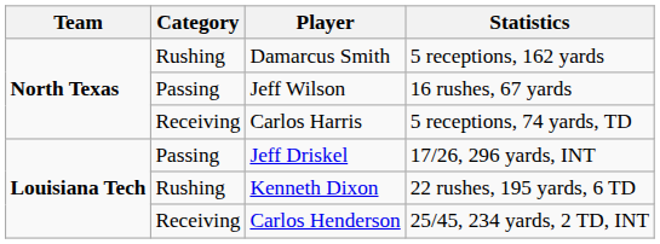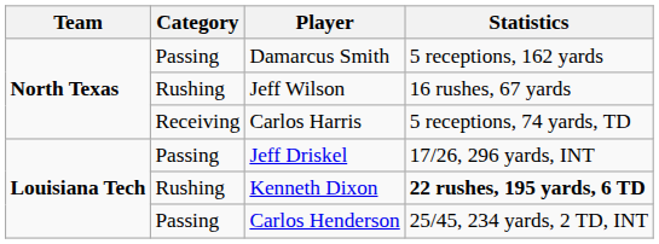 <table class="wikitable" style="float: left;">
 <tr>
 <th>Team</th>
 <th>Category</th>
 <th>Player</th>
 <th>Statistics</th>
 </tr>
 <tr>
 <td rowspan=3><strong>North Texas</strong></td>
-<td>Rushing</td>
+<td>Passing</td>
 <td>Damarcus Smith</td>
 <td>5 receptions, 162 yards</td>
 </tr>
 <tr>
-<td>Passing</td>
+<td>Rushing</td>
 <td>Jeff Wilson</td>
 <td>16 rushes, 67 yards</td>
 </tr>
 <tr>
 <td>Receiving</td>
 <td>Carlos Harris</td>
 <td>5 receptions, 74 yards, TD</td>
 </tr>
 <tr>
 <td rowspan=3><strong>Louisiana Tech</strong></td>
 <td>Passing</td>
 <td><a href='#'>Jeff Driskel</a></td>
 <td>17/26, 296 yards, INT</td>
 </tr>
 <tr>
 <td>Rushing</td>
 <td><a href='#'>Kenneth Dixon</a></td>
-<td>22 rushes, 195 yards, 6 TD</td>
+<td><strong>22 rushes, 195 yards, 6 TD</strong></td>
 </tr>
 <tr>
-<td>Receiving</td>
+<td>Passing</td>
 <td><a href='#'>Carlos Henderson</a></td>
 <td>25/45, 234 yards, 2 TD, INT</td>
 </tr>
 </table>
